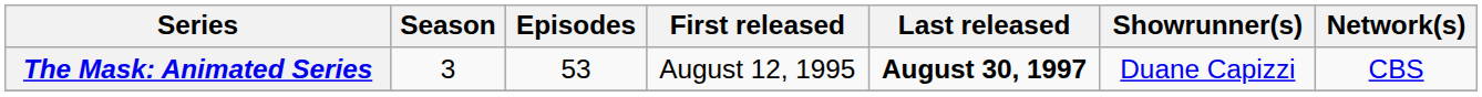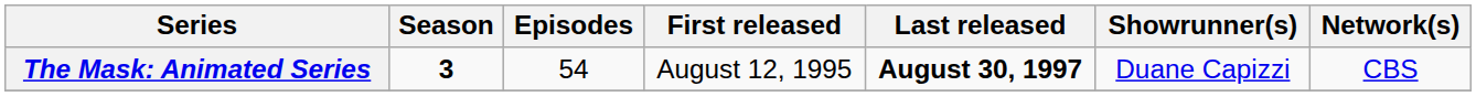 <table class="wikitable plainrowheaders"  style="text-align:center; width:99%;">
 <tr>
 <th scope="col">Series</th>
 <th scope="col">Season</th>
 <th scope="col">Episodes</th>
 <th scope="col">First released</th>
 <th scope="col">Last released</th>
 <th scope="col">Showrunner(s)</th>
 <th scope="col">Network(s)</th>
 </tr>
 <tr>
 <th scope="row"><em><a href='#'>The Mask: Animated Series</a></em></th>
-<td>3</td>
-<td>53</td>
+<td><strong>3</strong></td>
+<td>54</td>
 <td>August 12, 1995</td>
 <td><strong>August 30, 1997</strong></td>
 <td><a href='#'>Duane Capizzi</a></td>
 <td><a href='#'>CBS</a></td>
 </tr>
 <tr>
 </tr>
 </table>
